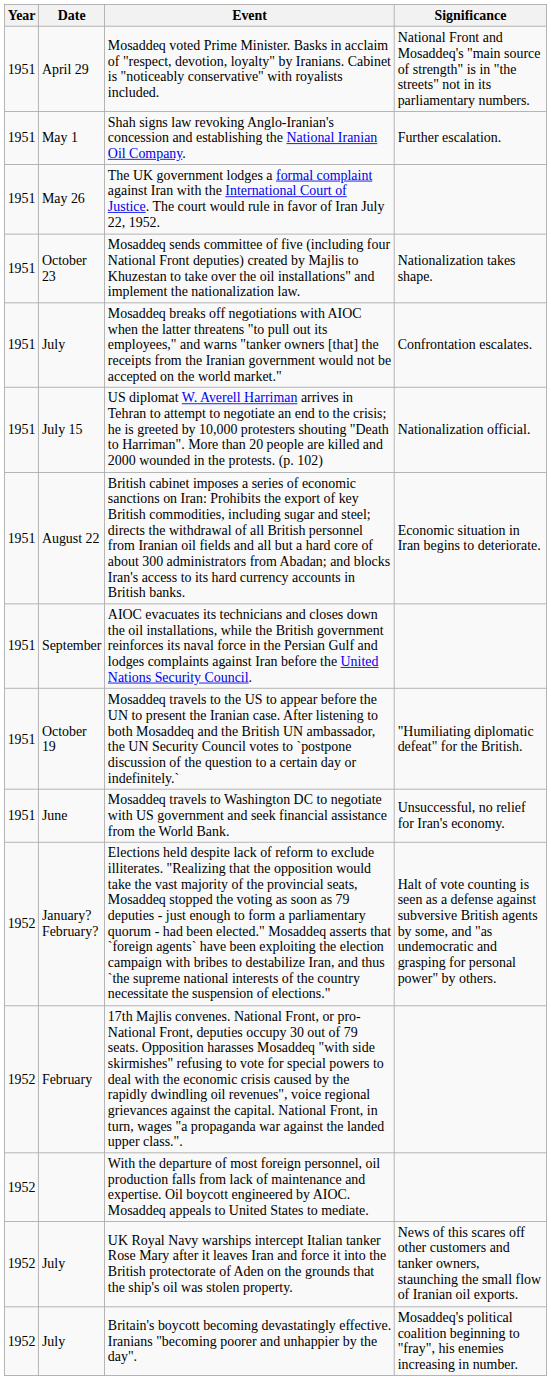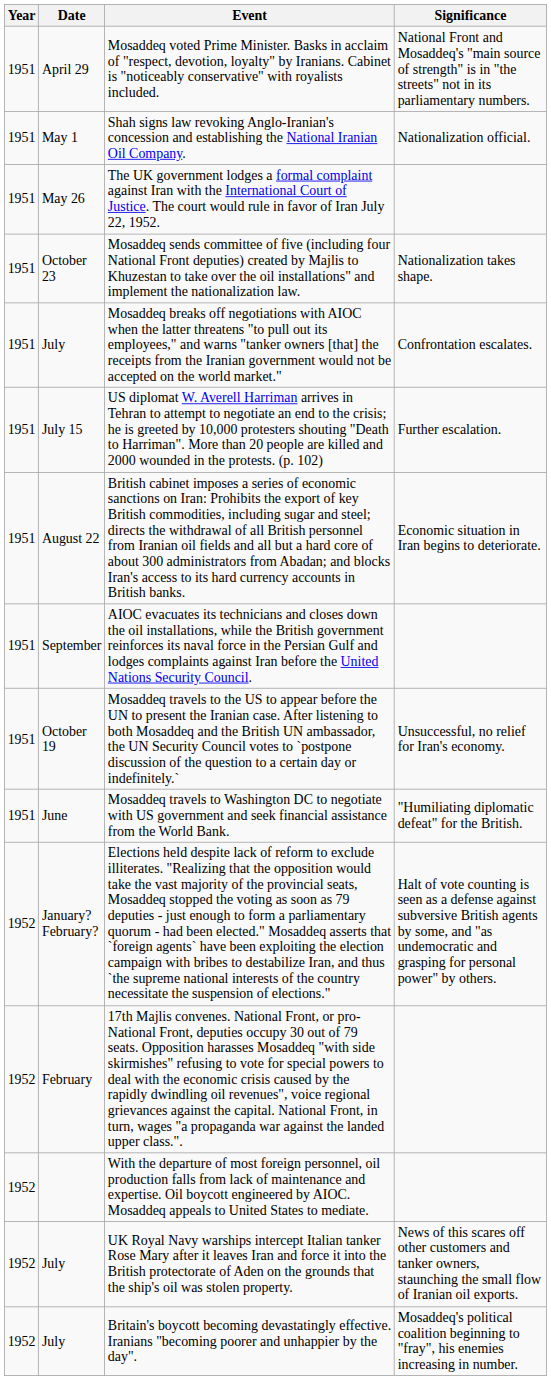 <table class="wikitable" width="100%">
 <tr>
 <th style="width:5%">Year</th>
 <th style="width:10%">Date</th>
 <th>Event</th>
 <th>Significance</th>
 </tr>
 <tr>
 <td>1951</td>
 <td>April 29</td>
 <td>Mosaddeq voted Prime Minister. Basks in acclaim of "respect, devotion, loyalty" by Iranians. Cabinet is "noticeably conservative" with royalists included.</td>
 <td>National Front and Mosaddeq's "main source of strength" is in "the streets" not in its parliamentary numbers.</td>
 </tr>
 <tr>
 <td>1951</td>
 <td>May 1</td>
 <td>Shah signs law revoking Anglo-Iranian's concession and establishing the <a href='#'>National Iranian Oil Company</a>.</td>
-<td>Further escalation.</td>
+<td>Nationalization official.</td>
 </tr>
 <tr>
 <td>1951</td>
 <td>May 26</td>
 <td>The UK government lodges a <a href='#'>formal complaint</a> against Iran with the <a href='#'>International Court of Justice</a>. The court would rule in favor of Iran July 22, 1952.</td>
 <td></td>
 </tr>
 <tr>
 <td>1951</td>
 <td>October 23</td>
 <td>Mosaddeq sends committee of five (including four National Front deputies) created by Majlis to Khuzestan to take over the oil installations" and implement the nationalization law.</td>
 <td>Nationalization takes shape.</td>
 </tr>
 <tr>
 <td>1951</td>
 <td>July</td>
 <td>Mosaddeq breaks off negotiations with AIOC when the latter threatens "to pull out its employees," and warns "tanker owners [that] the receipts from the Iranian government would not be accepted on the world market."</td>
 <td>Confrontation escalates.</td>
 </tr>
 <tr>
 <td>1951</td>
 <td>July 15</td>
 <td>US diplomat <a href='#'>W. Averell Harriman</a> arrives in Tehran to attempt to negotiate an end to the crisis; he is greeted by 10,000 protesters shouting "Death to Harriman". More than 20 people are killed and 2000 wounded in the protests. (p. 102) </td>
-<td>Nationalization official.</td>
+<td>Further escalation.</td>
 </tr>
 <tr>
 <td>1951</td>
 <td>August 22</td>
 <td>British cabinet imposes a series of economic sanctions on Iran: Prohibits the export of key British commodities, including sugar and steel; directs the withdrawal of all British personnel from Iranian oil fields and all but a hard core of about 300 administrators from Abadan; and blocks Iran's access to its hard currency accounts in British banks.</td>
 <td>Economic situation in Iran begins to deteriorate.</td>
 </tr>
 <tr>
 <td>1951</td>
 <td>September</td>
 <td>AIOC evacuates its technicians and closes down the oil installations, while the British government reinforces its naval force in the Persian Gulf and lodges complaints against Iran before the <a href='#'>United Nations Security Council</a>.</td>
 </tr>
 <tr>
 <td>1951</td>
 <td>October 19</td>
 <td>Mosaddeq travels to the US to appear before the UN to present the Iranian case. After listening to both Mosaddeq and the British UN ambassador, the UN Security Council votes to `postpone discussion of the question to a certain day or indefinitely.`</td>
-<td>"Humiliating diplomatic defeat" for the British.</td>
+<td>Unsuccessful, no relief for Iran's economy.</td>
 </tr>
 <tr>
 <td>1951</td>
 <td>June</td>
 <td>Mosaddeq travels to Washington DC to negotiate with US government and seek financial assistance from the World Bank.</td>
-<td>Unsuccessful, no relief for Iran's economy.</td>
+<td>"Humiliating diplomatic defeat" for the British.</td>
 </tr>
 <tr>
 <td>1952</td>
 <td>January? February?</td>
 <td>Elections held despite lack of reform to exclude illiterates. "Realizing that the opposition would take the vast majority of the provincial seats, Mosaddeq stopped the voting as soon as 79 deputies - just enough to form a parliamentary quorum - had been elected." Mosaddeq asserts that `foreign agents` have been exploiting the election campaign with bribes to destabilize Iran, and thus `the supreme national interests of the country necessitate the suspension of elections."</td>
 <td><br>Halt of vote counting is seen as a defense against subversive British agents by some, and "as undemocratic and grasping for personal power" by others.</td>
 </tr>
 <tr>
 <td>1952</td>
 <td>February</td>
 <td>17th Majlis convenes. National Front, or pro-National Front, deputies occupy 30 out of 79 seats. Opposition harasses Mosaddeq "with side skirmishes" refusing to vote for special powers to deal with the economic crisis caused by the rapidly dwindling oil revenues", voice regional grievances against the capital. National Front, in turn, wages "a propaganda war against the landed upper class.".</td>
 <td></td>
 </tr>
 <tr>
 <td>1952</td>
 <td></td>
 <td>With the departure of most foreign personnel, oil production falls from lack of maintenance and expertise. Oil boycott engineered by AIOC. Mosaddeq appeals to United States to mediate.</td>
 <td></td>
 </tr>
 <tr>
 <td>1952</td>
 <td>July</td>
 <td>UK Royal Navy warships intercept Italian tanker Rose Mary after it leaves Iran and force it into the British protectorate of Aden on the grounds that the ship's oil was stolen property.</td>
 <td>News of this scares off other customers and tanker owners, staunching the small flow of Iranian oil exports.</td>
 </tr>
 <tr>
 <td>1952</td>
 <td>July</td>
 <td>Britain's boycott becoming devastatingly effective. Iranians "becoming poorer and unhappier by the day".</td>
 <td>Mosaddeq's political coalition beginning to "fray", his enemies increasing in number.</td>
 </tr>
 </table>
